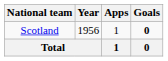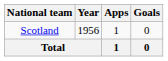 <table class="wikitable" style="text-align:center">
 <tr>
 <th>National team</th>
 <th>Year</th>
 <th>Apps</th>
 <th>Goals</th>
 </tr>
 <tr>
 <td><a href='#'>Scotland</a></td>
 <td>1956</td>
 <td>1</td>
-<td><strong>0</strong></td>
+<td>0</td>
 </tr>
 <tr>
 <th colspan="2">Total</th>
 <th>1</th>
 <th>0</th>
 </tr>
 </table>
